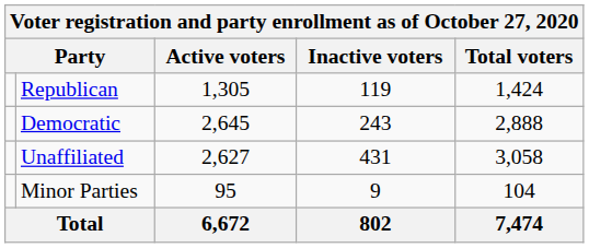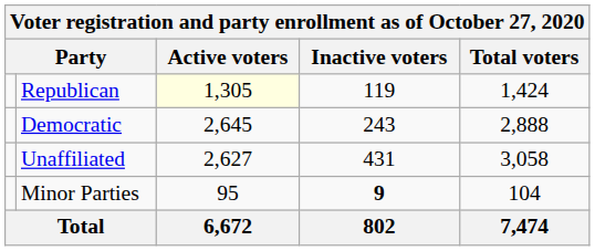 <table class=wikitable>
 <tr>
 <th colspan="5">Voter registration and party enrollment as of October 27, 2020</th>
 </tr>
 <tr>
 <th colspan = 2>Party</th>
 <th>Active voters</th>
 <th>Inactive voters</th>
 <th>Total voters</th>
 </tr>
 <tr>
 <td></td>
 <td><a href='#'>Republican</a></td>
-<td align = center>1,305</td>
+<td align = center style="background: lightyellow;">1,305</td>
 <td align = center>119</td>
 <td align = center>1,424</td>
 </tr>
 <tr>
 <td></td>
 <td><a href='#'>Democratic</a></td>
 <td align = center>2,645</td>
 <td align = center>243</td>
 <td align = center>2,888</td>
 </tr>
 <tr>
 <td></td>
 <td><a href='#'>Unaffiliated</a></td>
 <td align = center>2,627</td>
 <td align = center>431</td>
 <td align = center>3,058</td>
 </tr>
 <tr>
 <td></td>
 <td>Minor Parties</td>
 <td align = center>95</td>
-<td align = center>9</td>
+<td align = center><strong>9</strong></td>
 <td align = center>104</td>
 </tr>
 <tr>
 <th colspan = 2>Total</th>
 <th align = center>6,672</th>
 <th align = center>802</th>
 <th align = center>7,474</th>
 </tr>
 </table>
